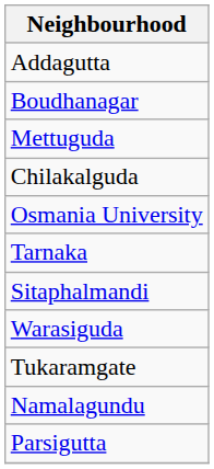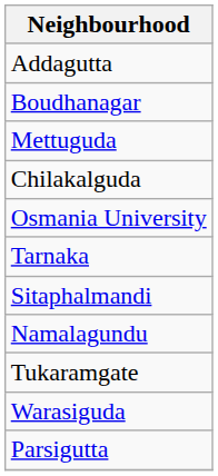 <table class="wikitable sortable static-row-numbers static-row-header-hash">
 <tr>
 <th>Neighbourhood</th>
 </tr>
 <tr>
 <td>Addagutta</td>
 </tr>
 <tr>
 <td><a href='#'>Boudhanagar</a></td>
 </tr>
 <tr>
 <td><a href='#'>Mettuguda</a></td>
 </tr>
 <tr>
 <td>Chilakalguda</td>
 </tr>
 <tr>
 <td><a href='#'>Osmania University</a></td>
 </tr>
 <tr>
 <td><a href='#'>Tarnaka</a></td>
 </tr>
 <tr>
 <td><a href='#'>Sitaphalmandi</a></td>
 </tr>
 <tr>
-<td><a href='#'>Warasiguda</a></td>
+<td><a href='#'>Namalagundu</a></td>
 </tr>
 <tr>
 <td>Tukaramgate</td>
 </tr>
 <tr>
-<td><a href='#'>Namalagundu</a></td>
+<td><a href='#'>Warasiguda</a></td>
 </tr>
 <tr>
 <td><a href='#'>Parsigutta</a></td>
 </tr>
 <tr>
 </tr>
 </table>
